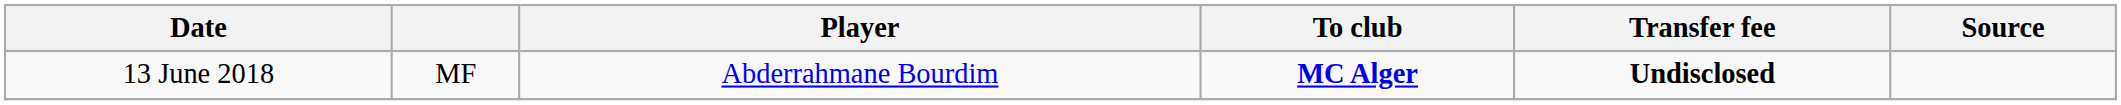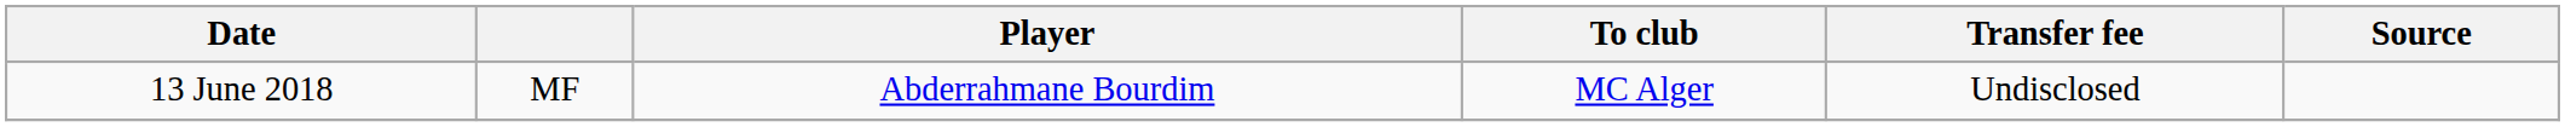 <table class="wikitable sortable" style="width:80%; text-align:center; font-size:85%; text-align:centre;">
 <tr>
 <th>Date</th>
 <th></th>
 <th>Player</th>
 <th>To club</th>
 <th>Transfer fee</th>
 <th>Source</th>
 </tr>
 <tr>
 <td>13 June 2018</td>
 <td>MF</td>
 <td> <a href='#'>Abderrahmane Bourdim</a></td>
-<td><strong><a href='#'>MC Alger</a></strong></td>
-<td><strong>Undisclosed</strong></td>
+<td><a href='#'>MC Alger</a></td>
+<td>Undisclosed</td>
 <td></td>
 </tr>
 <tr>
 </tr>
 </table>
